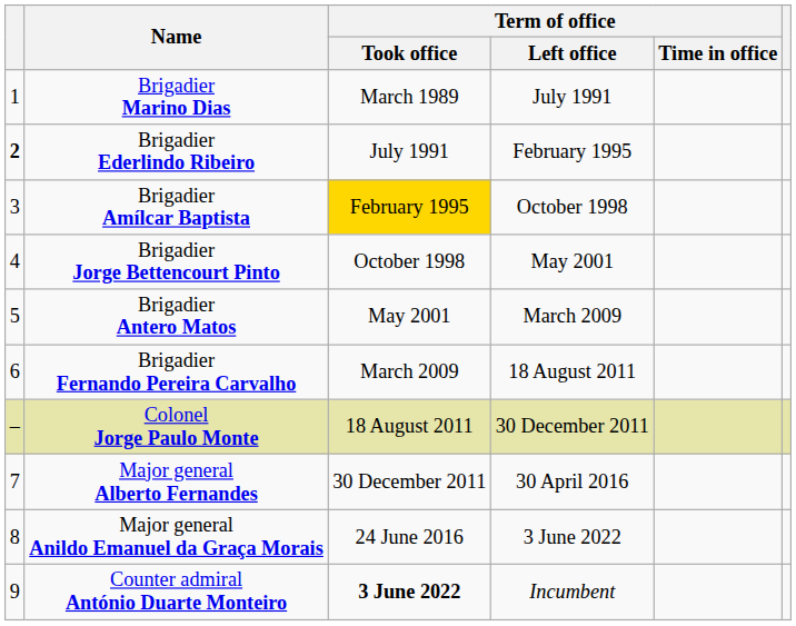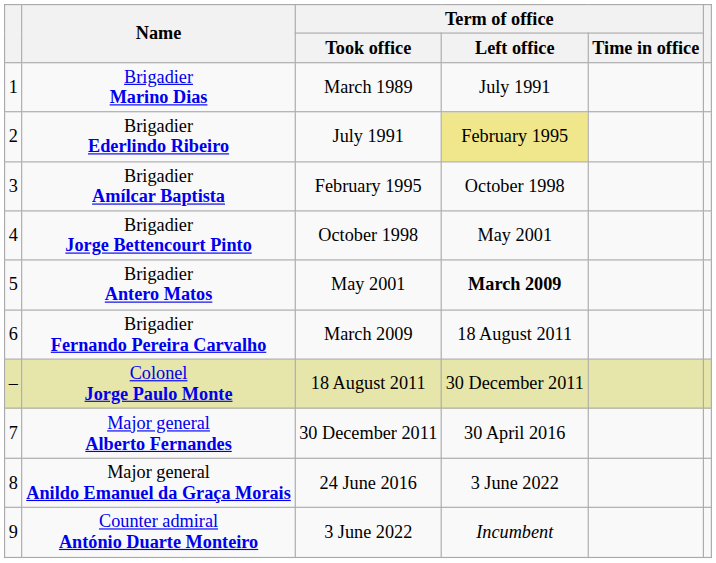 <table class="wikitable" style="text-align:center">
 <tr>
 <th rowspan=2></th>
 <th rowspan=2>Name<br></th>
 <th colspan=3>Term of office</th>
 <th rowspan=2></th>
 </tr>
 <tr>
 <th>Took office</th>
 <th>Left office</th>
 <th>Time in office</th>
 </tr>
 <tr>
 <td>1</td>
 <td><a href='#'>Brigadier</a><br><strong><a href='#'>Marino Dias</a></strong><br></td>
 <td>March 1989</td>
 <td>July 1991</td>
 <td></td>
 <td></td>
 </tr>
 <tr>
-<td><strong>2</strong></td>
+<td>2</td>
 <td>Brigadier<br><strong><a href='#'>Ederlindo Ribeiro</a></strong></td>
 <td>July 1991</td>
-<td>February 1995</td>
+<td style="background: khaki;">February 1995</td>
 <td></td>
 <td></td>
 </tr>
 <tr>
 <td>3</td>
 <td>Brigadier<br><strong><a href='#'>Amílcar Baptista</a></strong></td>
-<td style="background: gold;">February 1995</td>
+<td>February 1995</td>
 <td>October 1998</td>
 <td></td>
 <td></td>
 </tr>
 <tr>
 <td>4</td>
 <td>Brigadier<br><strong><a href='#'>Jorge Bettencourt Pinto</a></strong></td>
 <td>October 1998</td>
 <td>May 2001</td>
 <td></td>
 <td></td>
 </tr>
 <tr>
 <td>5</td>
 <td>Brigadier<br><strong><a href='#'>Antero Matos</a></strong></td>
 <td>May 2001</td>
-<td>March 2009</td>
+<td><strong>March 2009</strong></td>
 <td></td>
 <td></td>
 </tr>
 <tr>
 <td>6</td>
 <td>Brigadier<br><strong><a href='#'>Fernando Pereira Carvalho</a></strong></td>
 <td>March 2009</td>
 <td>18 August 2011</td>
 <td></td>
 <td></td>
 </tr>
 <tr style="background:#e6e6aa;">
 <td>–</td>
 <td><a href='#'>Colonel</a><br><strong><a href='#'>Jorge Paulo Monte</a></strong><br></td>
 <td>18 August 2011</td>
 <td>30 December 2011</td>
 <td></td>
 <td></td>
 </tr>
 <tr>
 <td>7</td>
 <td><a href='#'>Major general</a><br><strong><a href='#'>Alberto Fernandes</a></strong></td>
 <td>30 December 2011</td>
 <td>30 April 2016</td>
 <td></td>
 <td></td>
 </tr>
 <tr>
 <td>8</td>
 <td>Major general<br><strong><a href='#'>Anildo Emanuel da Graça Morais</a></strong><br></td>
 <td>24 June 2016</td>
 <td>3 June 2022</td>
 <td></td>
 <td></td>
 </tr>
 <tr>
 <td>9</td>
 <td><a href='#'>Counter admiral</a><br><strong><a href='#'>António Duarte Monteiro</a></strong><br></td>
-<td><strong>3 June 2022</strong></td>
+<td>3 June 2022</td>
 <td><em>Incumbent</em></td>
 <td></td>
 <td></td>
 </tr>
 </table>
